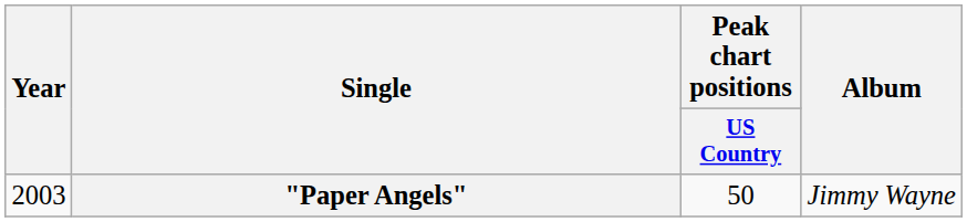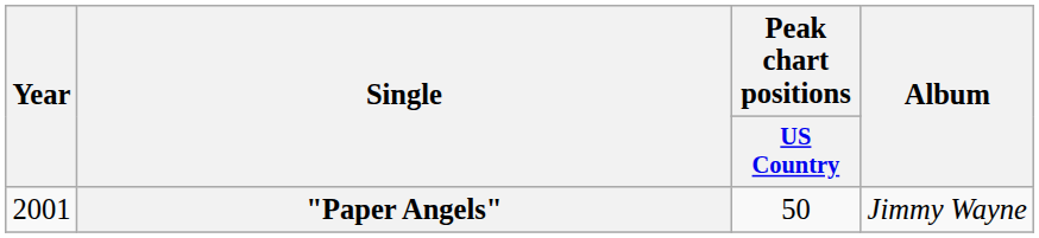 <table class="wikitable plainrowheaders" style="text-align:center;">
 <tr>
 <th rowspan="2">Year</th>
 <th rowspan="2" style="width:22em;">Single</th>
 <th>Peak chart positions</th>
 <th rowspan="2">Album</th>
 </tr>
 <tr style="font-size:smaller;">
 <th style="width:65px;"><a href='#'>US Country</a></th>
 </tr>
 <tr>
-<td>2003</td>
+<td>2001</td>
 <th scope="row">"Paper Angels"</th>
 <td>50</td>
 <td align="left"><em>Jimmy Wayne</em></td>
 </tr>
 </table>
